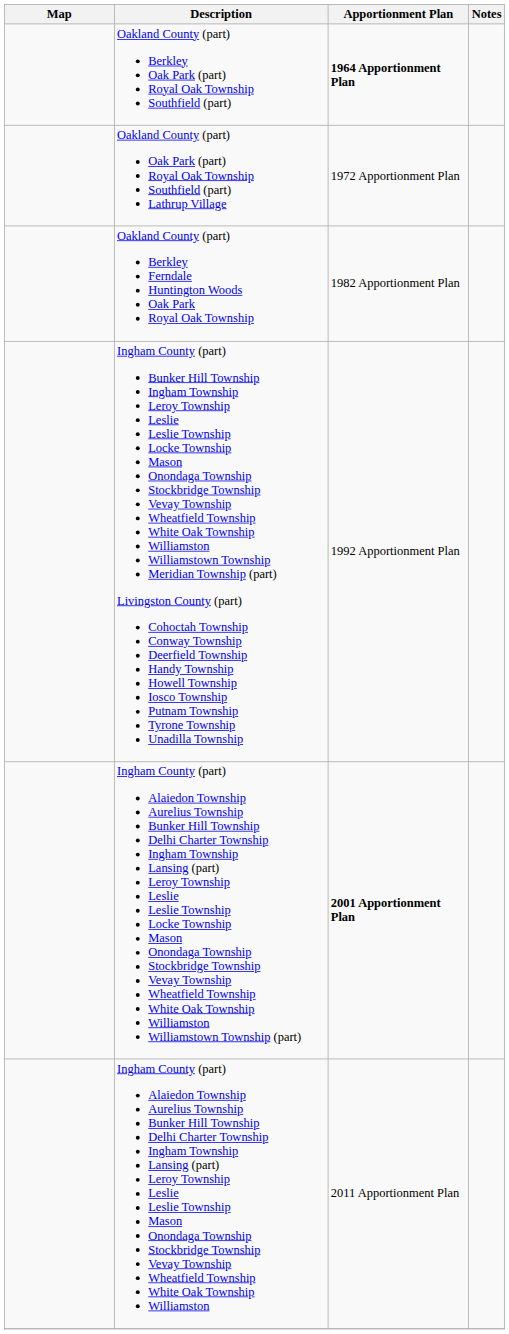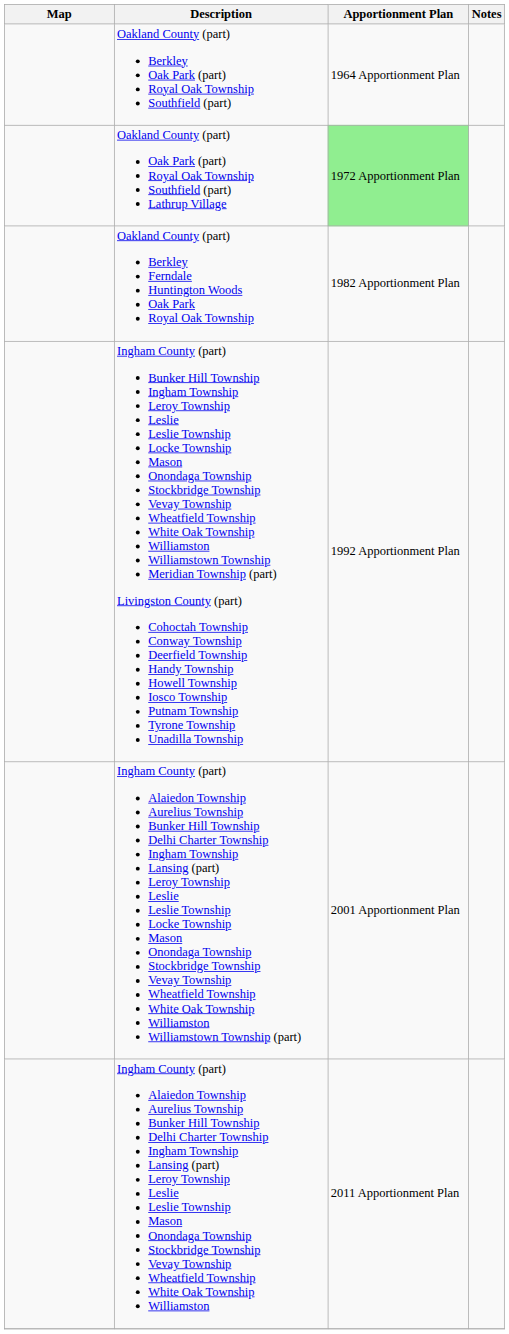 <table class="wikitable sortable">
 <tr>
 <th style="width:100pt;">Map</th>
 <th style="width:200pt;">Description</th>
 <th style="width:130pt;">Apportionment Plan</th>
 <th style="width:15pt;">Notes</th>
 </tr>
 <tr>
 <td></td>
 <td><a href='#'>Oakland County</a> (part)<br><ul><li><a href='#'>Berkley</a></li><li><a href='#'>Oak Park</a> (part)</li><li><a href='#'>Royal Oak Township</a></li><li><a href='#'>Southfield</a> (part)</li></ul></td>
-<td><strong>1964 Apportionment Plan</strong></td>
+<td>1964 Apportionment Plan</td>
 <td></td>
 </tr>
 <tr>
 <td></td>
 <td><a href='#'>Oakland County</a> (part)<br><ul><li><a href='#'>Oak Park</a> (part)</li><li><a href='#'>Royal Oak Township</a></li><li><a href='#'>Southfield</a> (part)</li><li><a href='#'>Lathrup Village</a></li></ul></td>
-<td>1972 Apportionment Plan</td>
+<td style="background: lightgreen;">1972 Apportionment Plan</td>
 <td></td>
 </tr>
 <tr>
 <td></td>
 <td><a href='#'>Oakland County</a> (part)<br><ul><li><a href='#'>Berkley</a></li><li><a href='#'>Ferndale</a></li><li><a href='#'>Huntington Woods</a></li><li><a href='#'>Oak Park</a></li><li><a href='#'>Royal Oak Township</a></li></ul></td>
 <td>1982 Apportionment Plan</td>
 <td></td>
 </tr>
 <tr>
 <td></td>
 <td><a href='#'>Ingham County</a> (part)<br><ul><li><a href='#'>Bunker Hill Township</a></li><li><a href='#'>Ingham Township</a></li><li><a href='#'>Leroy Township</a></li><li><a href='#'>Leslie</a></li><li><a href='#'>Leslie Township</a></li><li><a href='#'>Locke Township</a></li><li><a href='#'>Mason</a></li><li><a href='#'>Onondaga Township</a></li><li><a href='#'>Stockbridge Township</a></li><li><a href='#'>Vevay Township</a></li><li><a href='#'>Wheatfield Township</a></li><li><a href='#'>White Oak Township</a></li><li><a href='#'>Williamston</a></li><li><a href='#'>Williamstown Township</a></li><li><a href='#'>Meridian Township</a> (part)</li></ul><a href='#'>Livingston County</a> (part)<ul><li><a href='#'>Cohoctah Township</a></li><li><a href='#'>Conway Township</a></li><li><a href='#'>Deerfield Township</a></li><li><a href='#'>Handy Township</a></li><li><a href='#'>Howell Township</a></li><li><a href='#'>Iosco Township</a></li><li><a href='#'>Putnam Township</a></li><li><a href='#'>Tyrone Township</a></li><li><a href='#'>Unadilla Township</a></li></ul></td>
 <td>1992 Apportionment Plan</td>
 <td></td>
 </tr>
 <tr>
 <td></td>
 <td><a href='#'>Ingham County</a> (part)<br><ul><li><a href='#'>Alaiedon Township</a></li><li><a href='#'>Aurelius Township</a></li><li><a href='#'>Bunker Hill Township</a></li><li><a href='#'>Delhi Charter Township</a></li><li><a href='#'>Ingham Township</a></li><li><a href='#'>Lansing</a> (part)</li><li><a href='#'>Leroy Township</a></li><li><a href='#'>Leslie</a></li><li><a href='#'>Leslie Township</a></li><li><a href='#'>Locke Township</a></li><li><a href='#'>Mason</a></li><li><a href='#'>Onondaga Township</a></li><li><a href='#'>Stockbridge Township</a></li><li><a href='#'>Vevay Township</a></li><li><a href='#'>Wheatfield Township</a></li><li><a href='#'>White Oak Township</a></li><li><a href='#'>Williamston</a></li><li><a href='#'>Williamstown Township</a> (part)</li></ul></td>
-<td><strong>2001 Apportionment Plan</strong></td>
+<td>2001 Apportionment Plan</td>
 <td></td>
 </tr>
 <tr>
 <td></td>
 <td><a href='#'>Ingham County</a> (part)<br><ul><li><a href='#'>Alaiedon Township</a></li><li><a href='#'>Aurelius Township</a></li><li><a href='#'>Bunker Hill Township</a></li><li><a href='#'>Delhi Charter Township</a></li><li><a href='#'>Ingham Township</a></li><li><a href='#'>Lansing</a> (part)</li><li><a href='#'>Leroy Township</a></li><li><a href='#'>Leslie</a></li><li><a href='#'>Leslie Township</a></li><li><a href='#'>Mason</a></li><li><a href='#'>Onondaga Township</a></li><li><a href='#'>Stockbridge Township</a></li><li><a href='#'>Vevay Township</a></li><li><a href='#'>Wheatfield Township</a></li><li><a href='#'>White Oak Township</a></li><li><a href='#'>Williamston</a></li></ul></td>
 <td>2011 Apportionment Plan</td>
 <td></td>
 </tr>
 <tr>
 </tr>
 </table>
